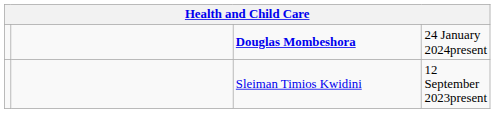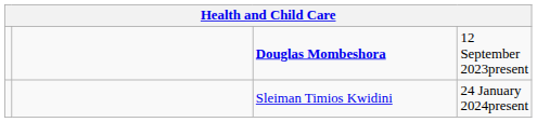 <table class="wikitable">
 <tr>
 <th colspan="4"><a href='#'>Health and Child Care</a></th>
 </tr>
 <tr>
 <td style="width: 1px; background: "></td>
 <td style="width: 450px;"></td>
 <td style="width: 320px;"> <strong><a href='#'>Douglas Mombeshora</a></strong></td>
-<td>24 January 2024present</td>
+<td>12 September 2023present</td>
 </tr>
 <tr>
 <td style="width: 1px; background: "></td>
 <td style="width: 450px;"></td>
 <td style="width: 320px;"> <a href='#'>Sleiman Timios Kwidini</a></td>
-<td>12 September 2023present</td>
+<td>24 January 2024present</td>
 </tr>
 </table>
